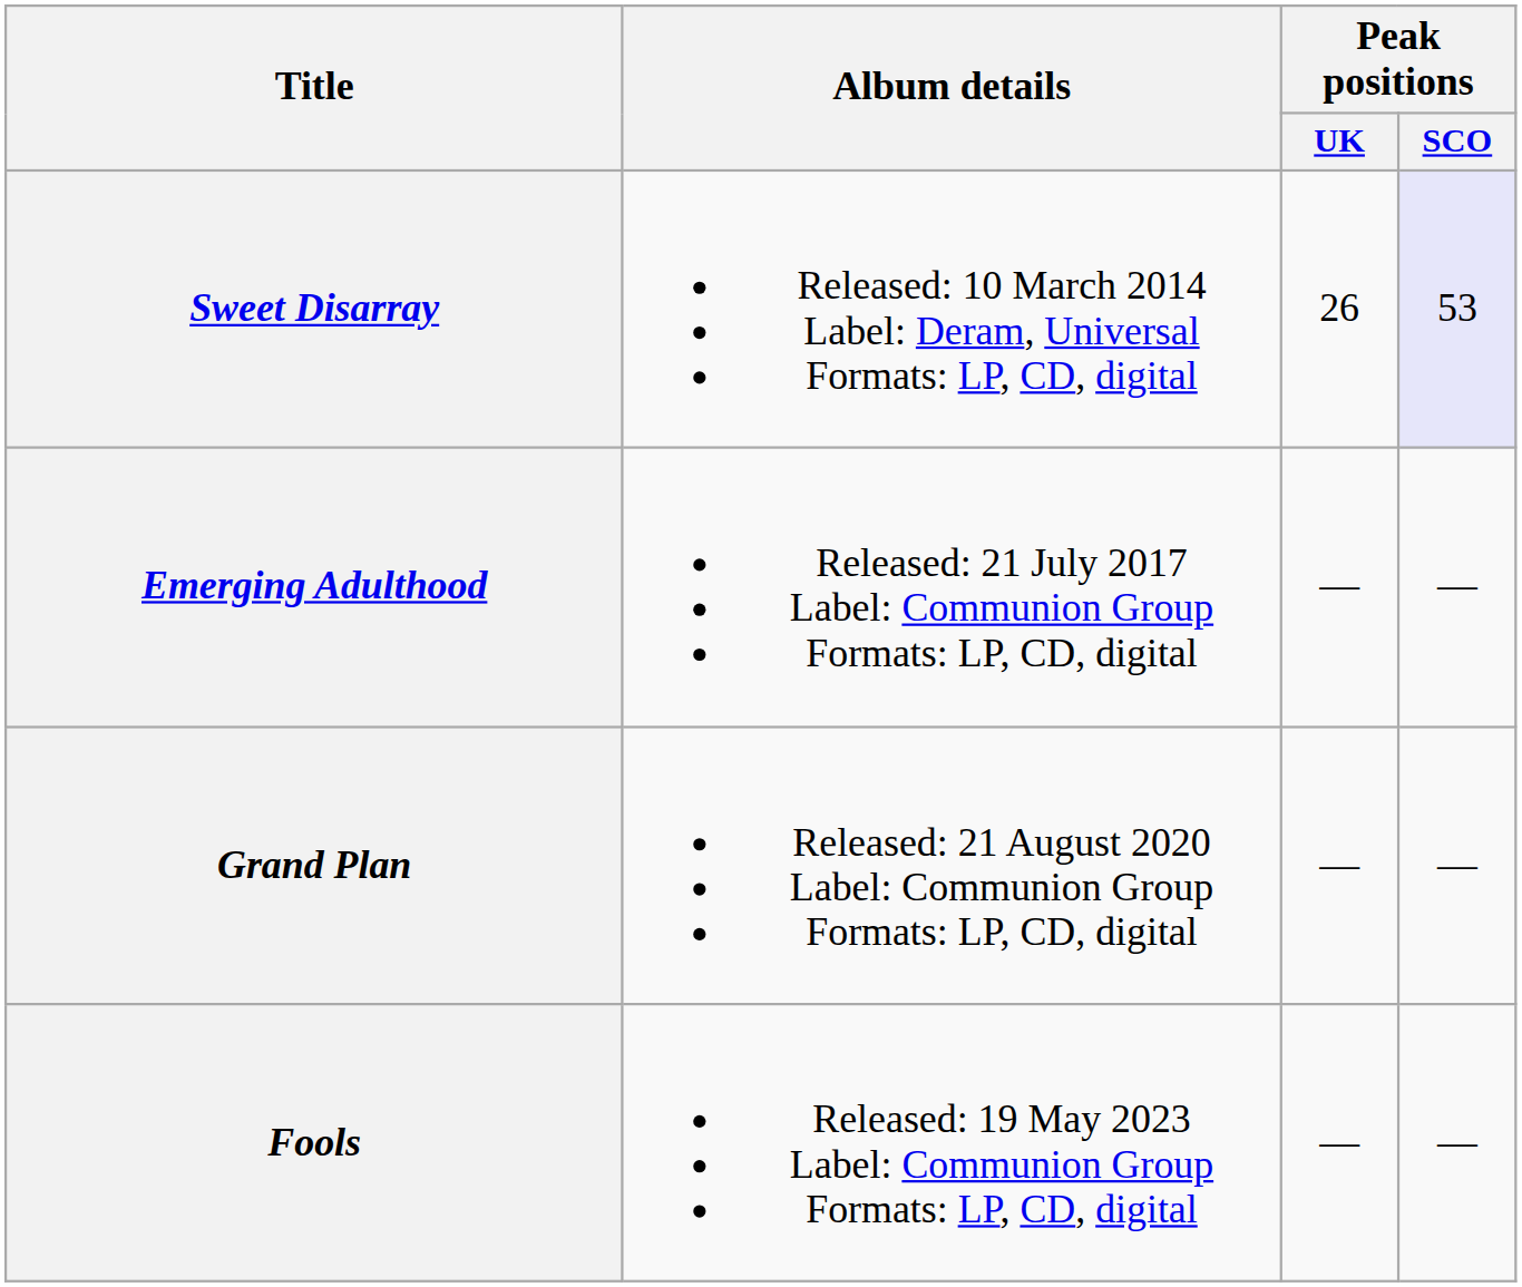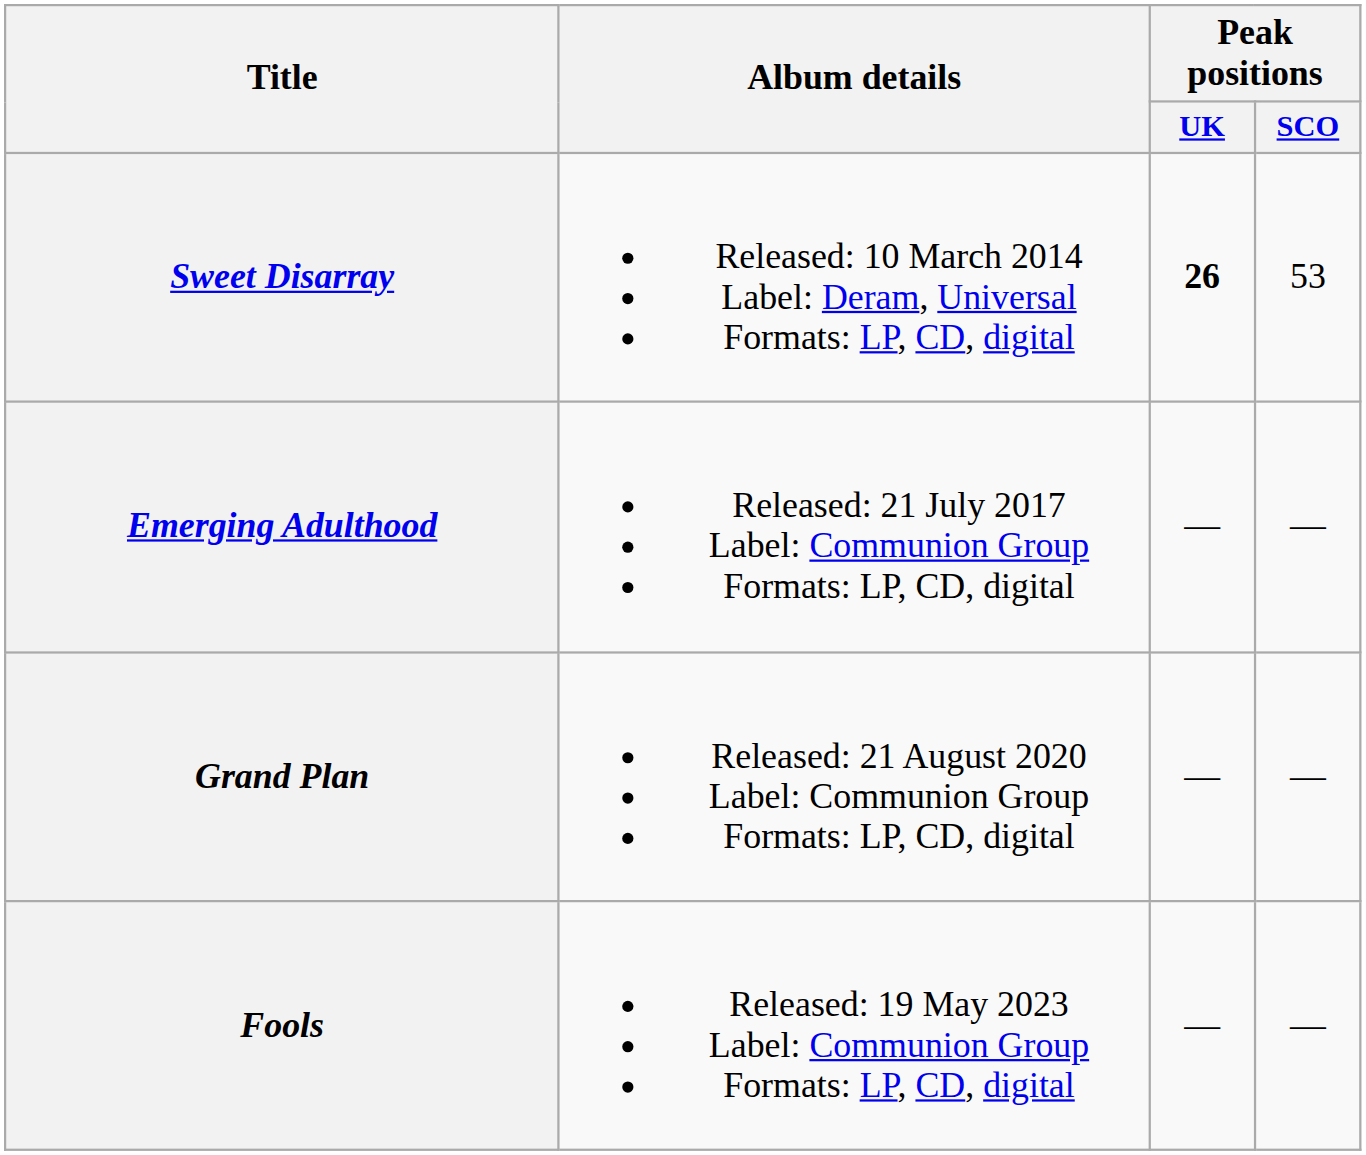 <table class="wikitable plainrowheaders" style="text-align:center;" border="1">
 <tr>
 <th scope="col" rowspan="2" style="width:15em;">Title</th>
 <th scope="col" rowspan="2" style="width:16em;">Album details</th>
 <th scope="col" colspan="2">Peak positions</th>
 </tr>
 <tr>
 <th scope="col" style="width:3em;font-size:85%;"><a href='#'>UK</a></th>
 <th scope="col" style="width:3em;font-size:85%;"><a href='#'>SCO</a></th>
 </tr>
 <tr>
 <th scope="row"><em><a href='#'>Sweet Disarray</a></em></th>
 <td><br><ul><li>Released: 10 March 2014</li><li>Label: <a href='#'>Deram</a>, <a href='#'>Universal</a></li><li>Formats: <a href='#'>LP</a>, <a href='#'>CD</a>, <a href='#'>digital</a></li></ul></td>
-<td>26</td>
-<td style="background: lavender;">53</td>
+<td><strong>26</strong></td>
+<td>53</td>
 </tr>
 <tr>
 <th scope="row"><em><a href='#'>Emerging Adulthood</a></em></th>
 <td><br><ul><li>Released: 21 July 2017</li><li>Label: <a href='#'>Communion Group</a></li><li>Formats: LP, CD, digital</li></ul></td>
 <td>—</td>
 <td>—</td>
 </tr>
 <tr>
 <th scope="row"><em>Grand Plan</em></th>
 <td><br><ul><li>Released: 21 August 2020</li><li>Label: Communion Group</li><li>Formats: LP, CD, digital</li></ul></td>
 <td>—</td>
 <td>—</td>
 </tr>
 <tr>
 <th scope="row"><em>Fools</em></th>
 <td><br><ul><li>Released: 19 May 2023</li><li>Label: <a href='#'>Communion Group</a></li><li>Formats: <a href='#'>LP</a>, <a href='#'>CD</a>, <a href='#'>digital</a></li></ul></td>
 <td>—</td>
 <td>—</td>
 </tr>
 </table>
